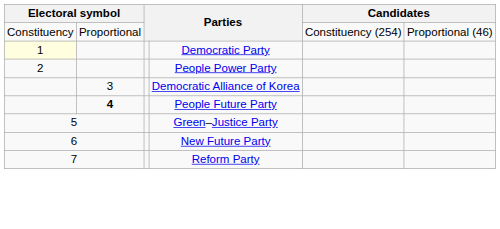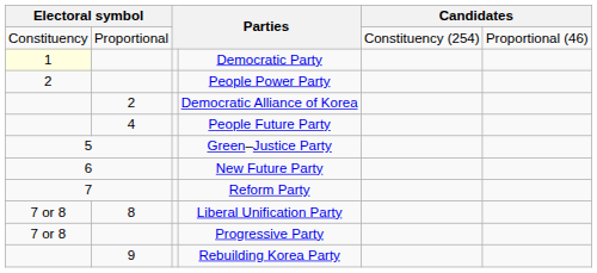 <table class="wikitable" style="text-align:center">
 <tr>
 <th colspan="2">Electoral symbol</th>
 <th colspan="2" rowspan="2">Parties</th>
 <th colspan="2">Candidates</th>
 </tr>
 <tr>
 <td>Constituency</td>
 <td>Proportional</td>
 <td>Constituency (254)</td>
 <td>Proportional (46)</td>
 </tr>
 <tr>
 <td style="background: lightyellow;">1</td>
 <td></td>
 <td style="background:"></td>
 <td><a href='#'>Democratic Party</a></td>
 <td></td>
 <td></td>
 </tr>
 <tr>
 <td>2</td>
 <td></td>
 <td style="background:"></td>
 <td><a href='#'>People Power Party</a></td>
 <td></td>
 <td></td>
 </tr>
 <tr>
 <td></td>
-<td>3</td>
+<td>2</td>
 <td style="background:"></td>
 <td><a href='#'>Democratic Alliance of Korea</a></td>
 <td></td>
 <td></td>
 </tr>
 <tr>
 <td></td>
-<td><strong>4</strong></td>
+<td>4</td>
 <td style="background:"></td>
 <td><a href='#'>People Future Party</a></td>
 <td></td>
 <td></td>
 </tr>
 <tr>
 <td colspan="2">5</td>
 <td style="background:"></td>
 <td><a href='#'>Green</a>–<a href='#'>Justice Party</a></td>
 <td></td>
 <td></td>
 </tr>
 <tr>
 <td colspan="2">6</td>
 <td style="background:"></td>
 <td><a href='#'>New Future Party</a></td>
 <td></td>
 <td></td>
 </tr>
 <tr>
 <td colspan="2">7</td>
 <td style="background:"></td>
 <td><a href='#'>Reform Party</a></td>
 <td></td>
 <td></td>
 </tr>
+<tr>
+<td>7 or 8</td>
+<td>8</td>
+<td style="background:"></td>
+<td><a href='#'>Liberal Unification Party</a></td>
+<td></td>
+<td></td>
+</tr>
+<tr>
+<td>7 or 8</td>
+<td></td>
+<td style="background:"></td>
+<td><a href='#'>Progressive Party</a></td>
+<td></td>
+<td></td>
+</tr>
+<tr>
+<td></td>
+<td>9</td>
+<td style="background:"></td>
+<td><a href='#'>Rebuilding Korea Party</a></td>
+<td></td>
+<td></td>
+</tr>
 </table>
